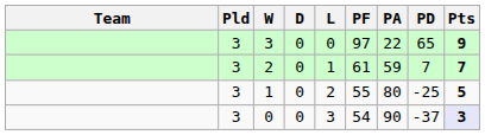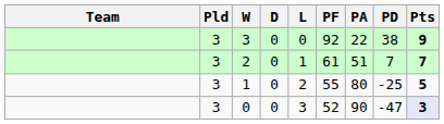 <table class="wikitable" style="text-align:center;">
 <tr>
 <th width=175>Team</th>
 <th width=20 abbr="Played">Pld</th>
 <th width=20 abbr="Won">W</th>
 <th width=20 abbr="Drawn">D</th>
 <th width=20 abbr="Lost">L</th>
 <th width=20 abbr="Points for">PF</th>
 <th width=20 abbr="Points against">PA</th>
 <th width=25 abbr="Points difference">PD</th>
 <th width=20 abbr="Points">Pts</th>
 </tr>
 <tr bgcolor=ccffcc>
 <td align=left></td>
 <td>3</td>
 <td>3</td>
 <td>0</td>
 <td>0</td>
-<td>97</td>
+<td>92</td>
 <td>22</td>
-<td>65</td>
+<td>38</td>
 <td><strong> 9 </strong></td>
 </tr>
 <tr bgcolor=ccffcc>
 <td align=left></td>
 <td>3</td>
 <td>2</td>
 <td>0</td>
 <td>1</td>
 <td>61</td>
-<td>59</td>
+<td>51</td>
 <td>7</td>
 <td><strong> 7 </strong></td>
 </tr>
 <tr>
 <td align=left></td>
 <td>3</td>
 <td>1</td>
 <td>0</td>
 <td>2</td>
 <td>55</td>
 <td>80</td>
 <td>-25</td>
 <td><strong> 5 </strong></td>
 </tr>
 <tr>
 <td align=left></td>
 <td>3</td>
 <td>0</td>
 <td>0</td>
 <td>3</td>
-<td>54</td>
+<td>52</td>
 <td>90</td>
-<td>-37</td>
+<td>-47</td>
 <td style="background: lavender;"><strong> 3 </strong></td>
 </tr>
 </table>
